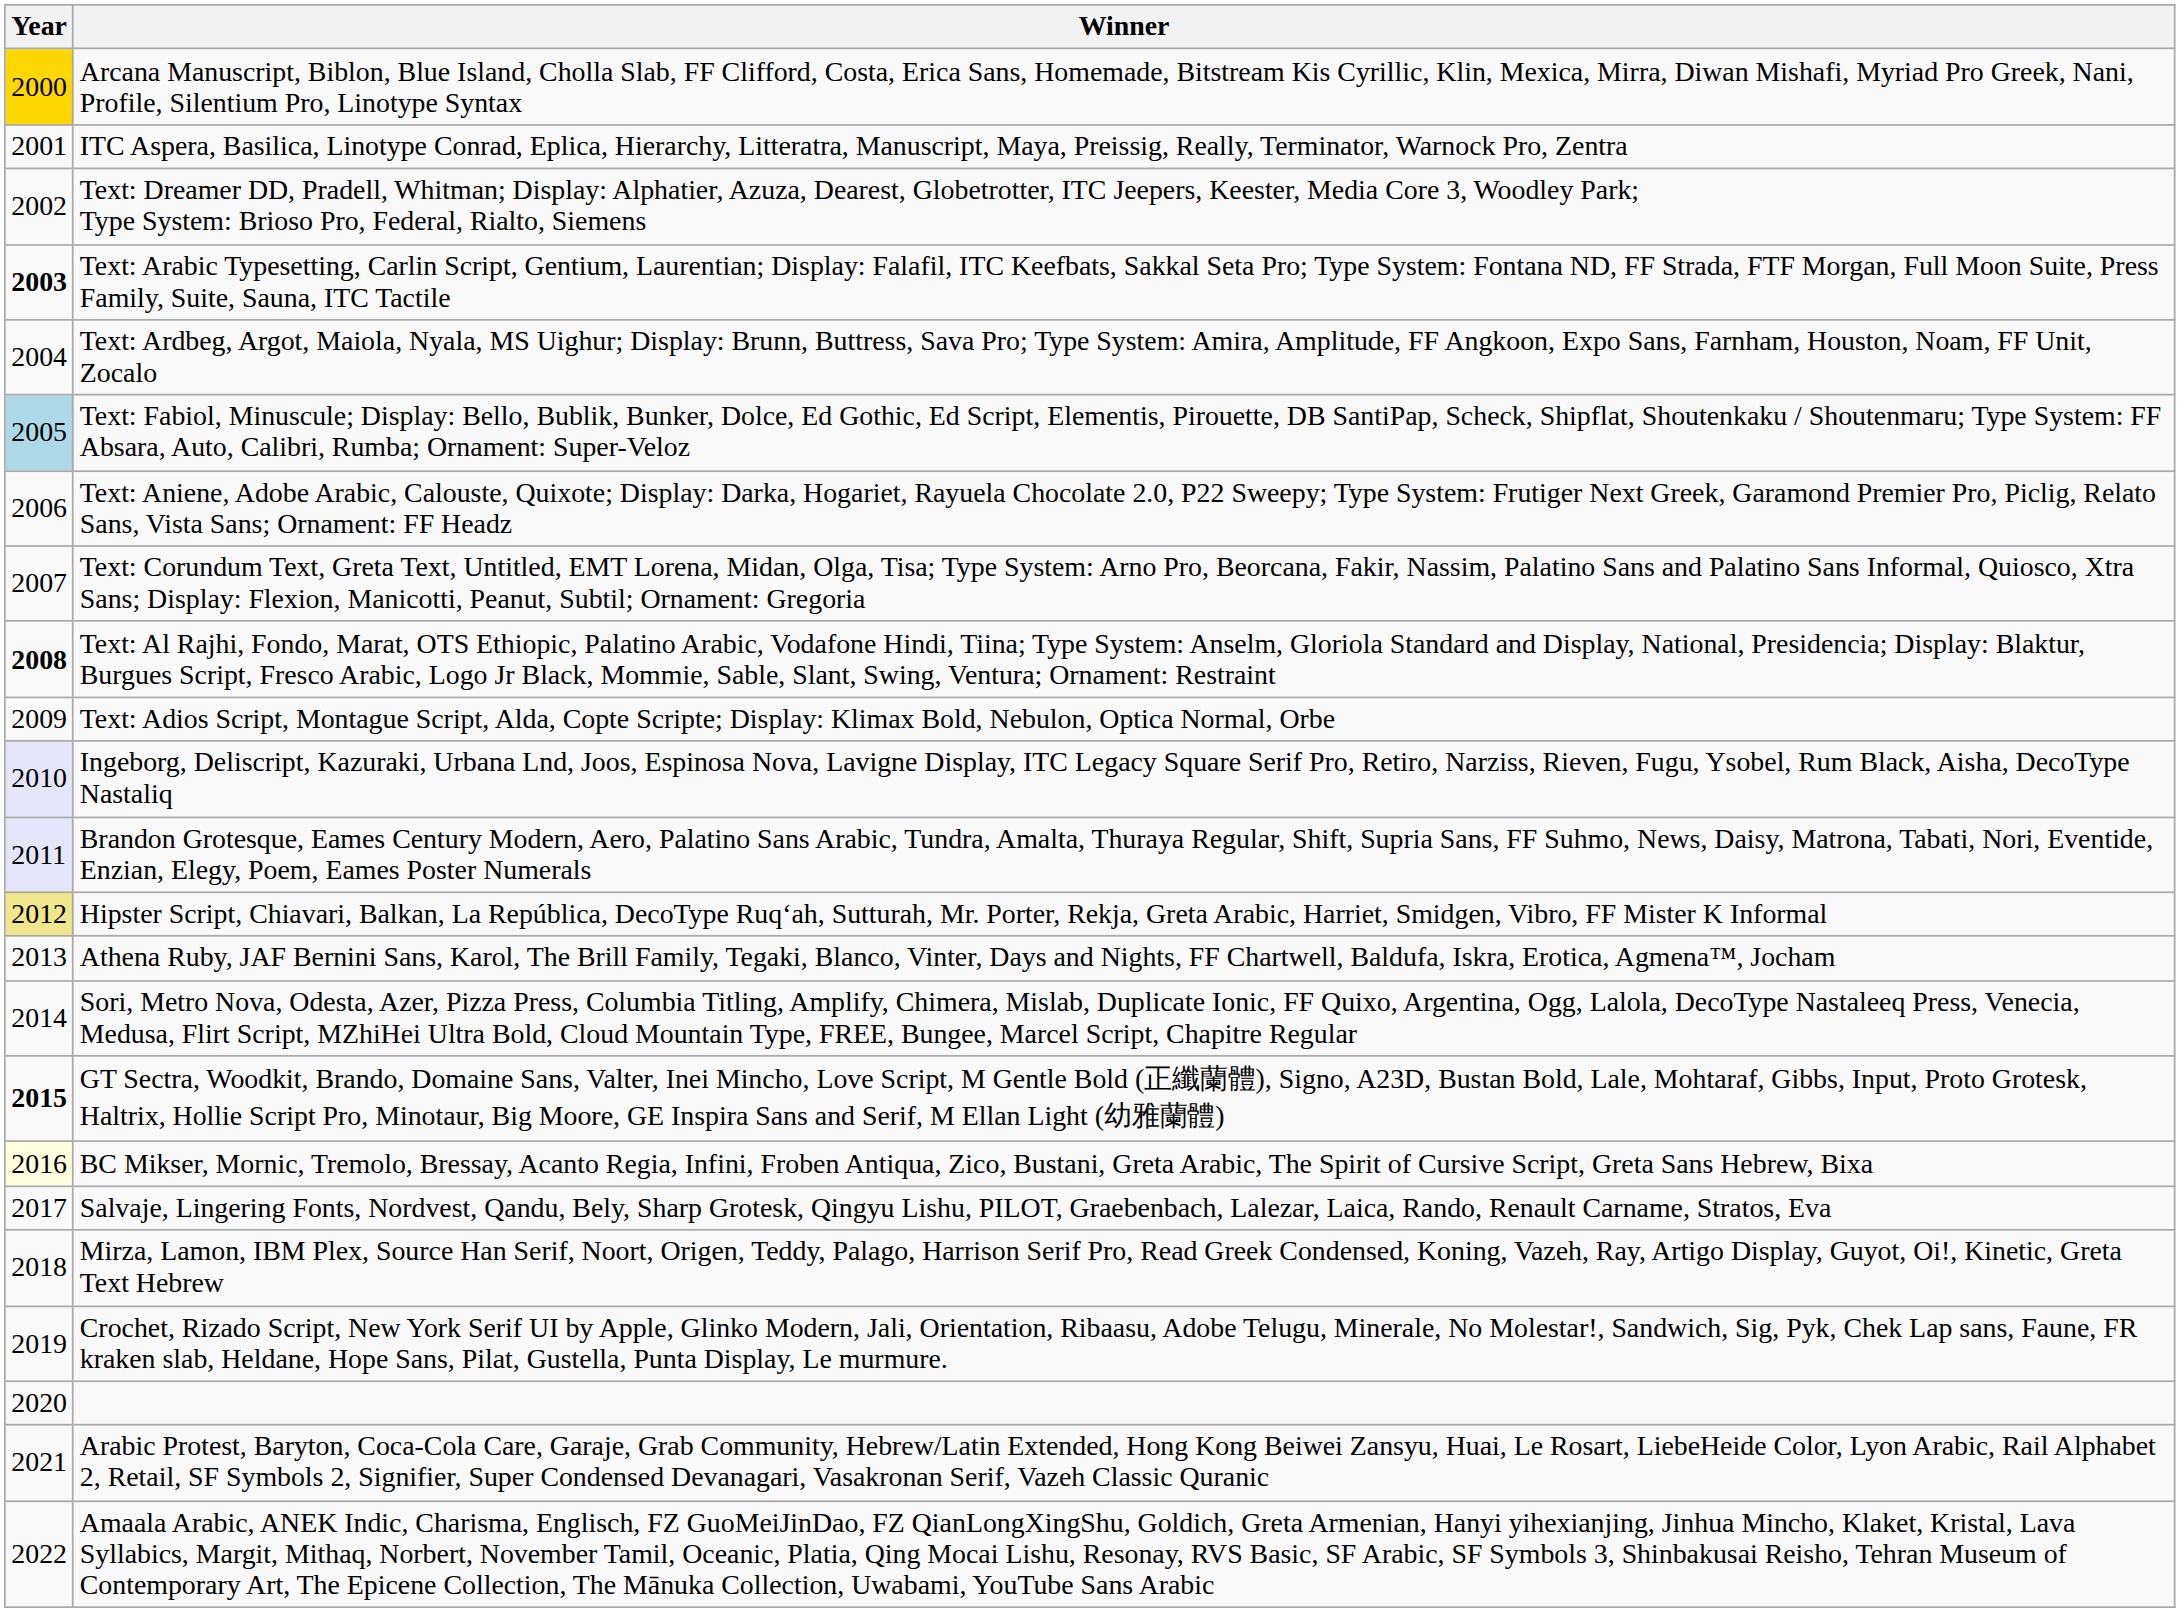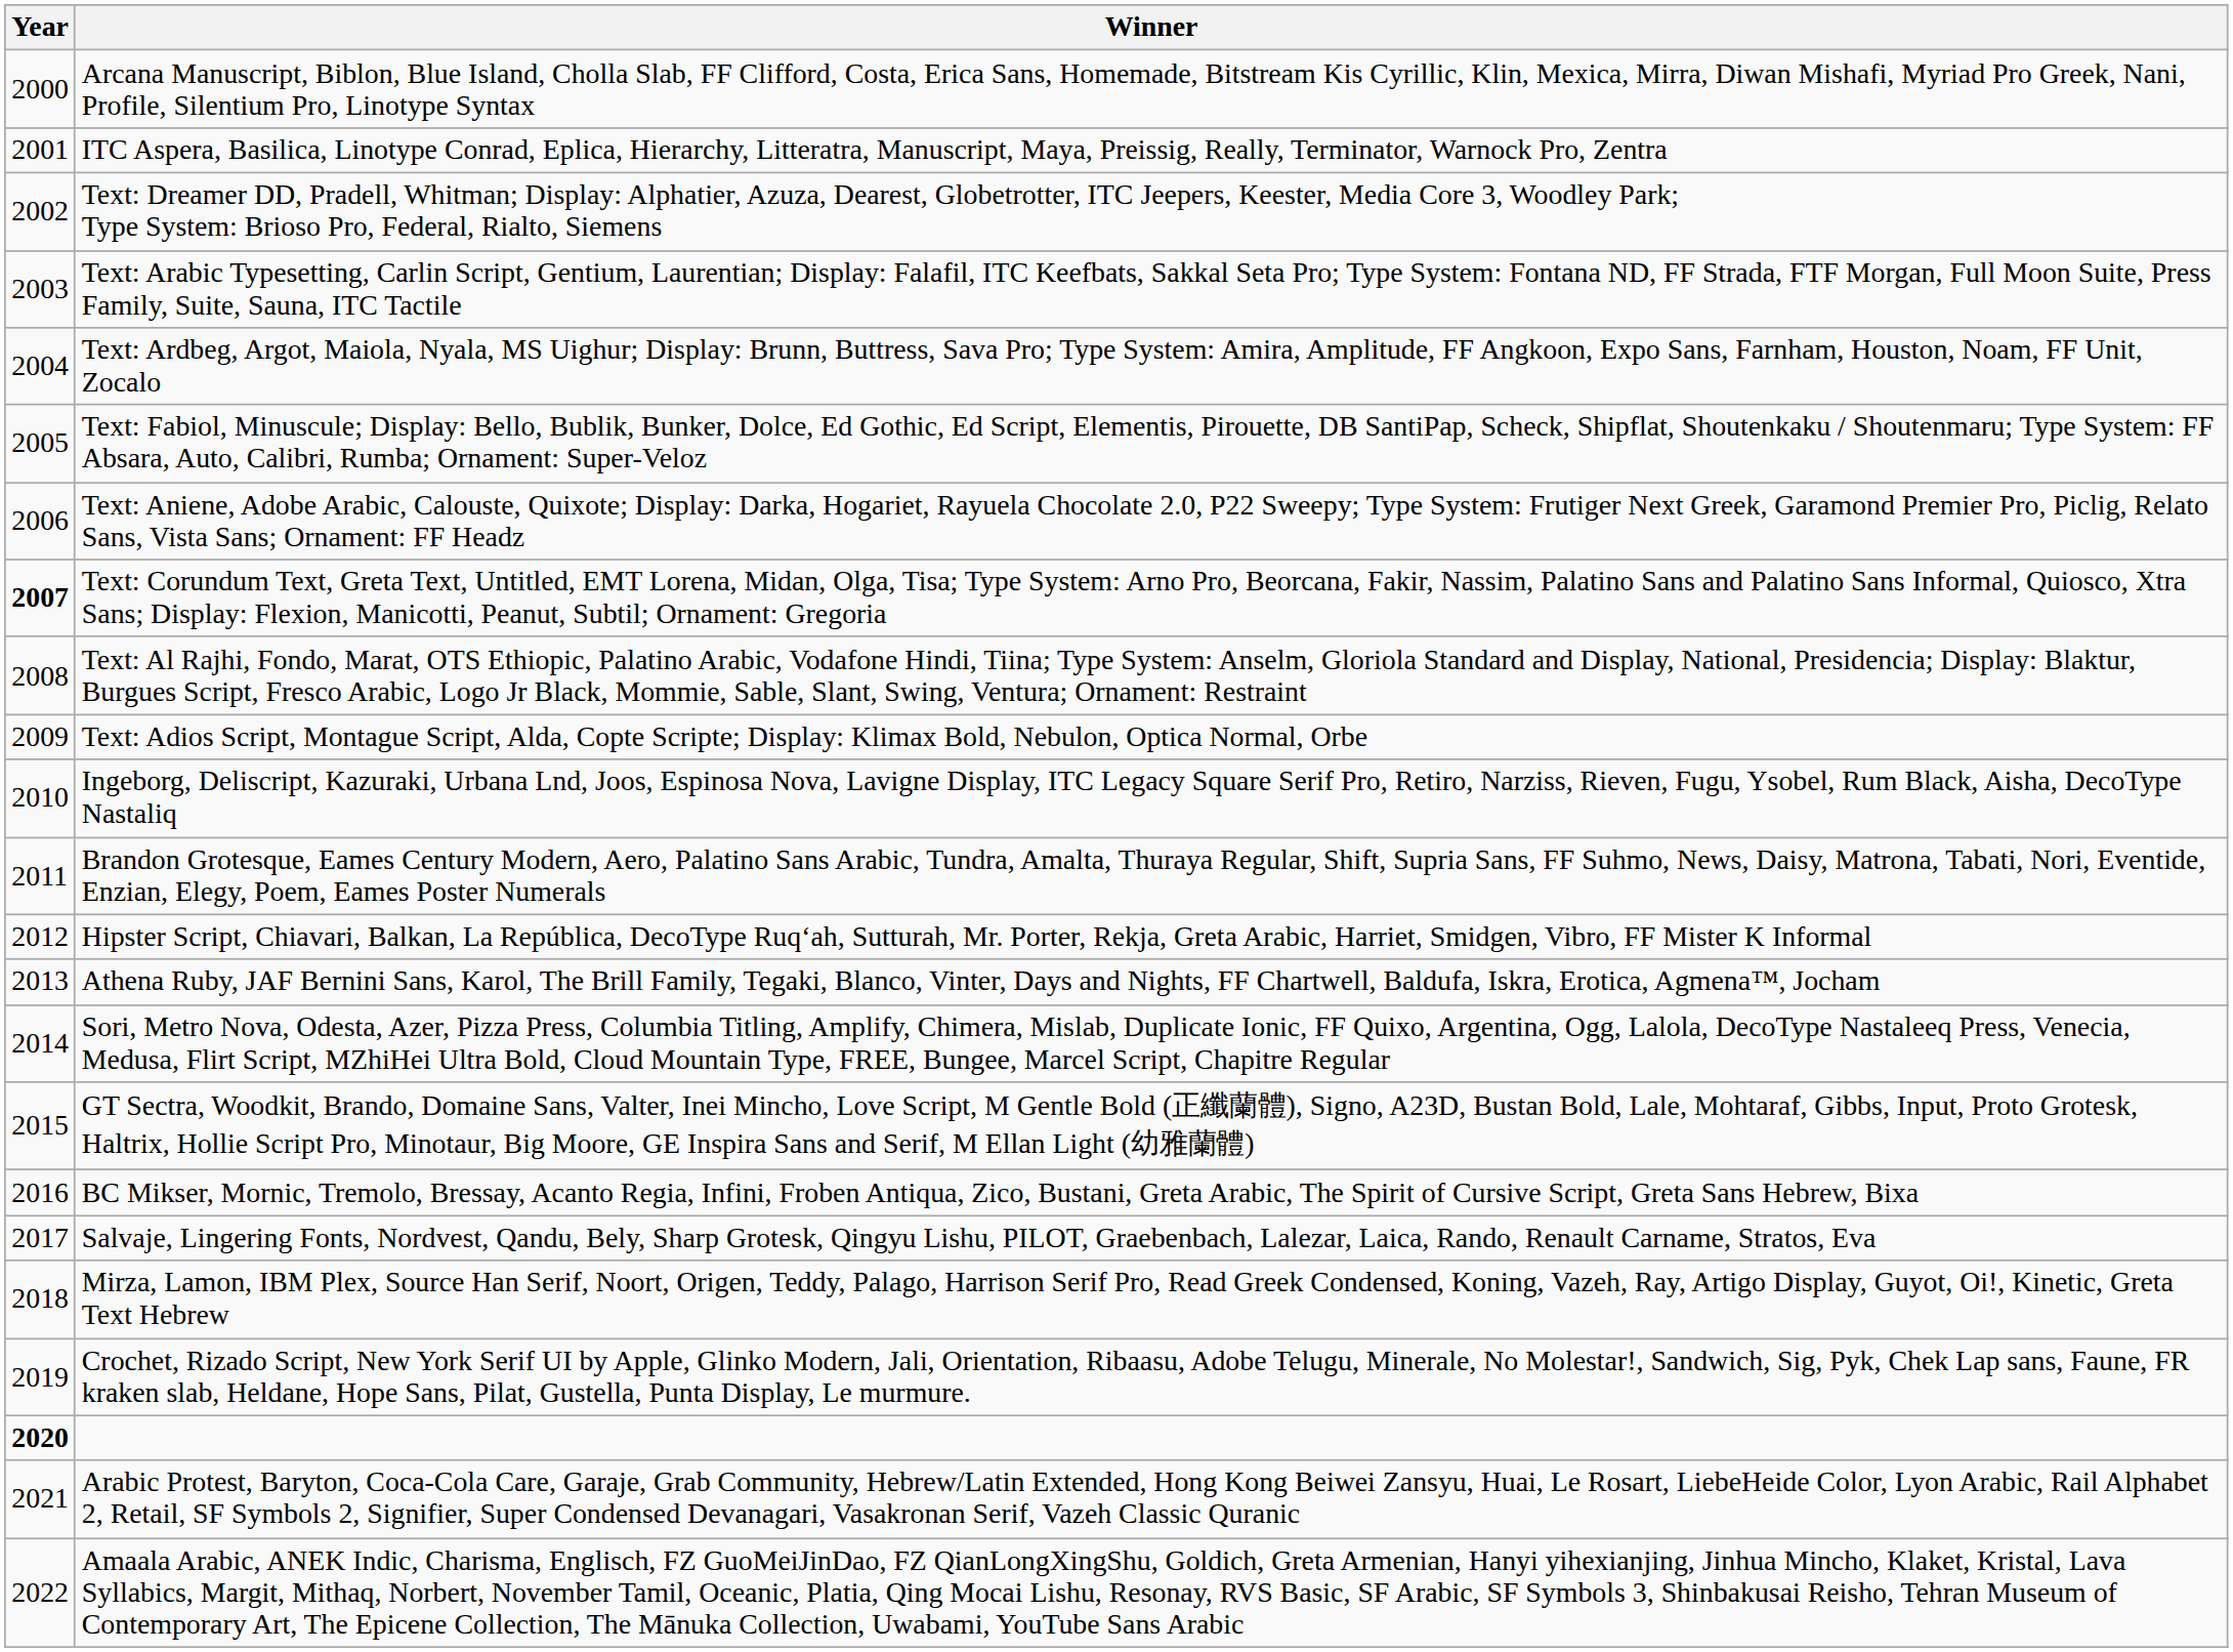 <table class="wikitable sortable" border="1">
 <tr>
 <th scope="col">Year</th>
 <th scope="col">Winner</th>
 </tr>
 <tr>
-<td style="background: gold;">2000</td>
+<td>2000</td>
 <td>Arcana Manuscript, Biblon, Blue Island, Cholla Slab, FF Clifford, Costa, Erica Sans, Homemade, Bitstream Kis Cyrillic, Klin, Mexica, Mirra, Diwan Mishafi, Myriad Pro Greek, Nani, Profile, Silentium Pro, Linotype Syntax</td>
 </tr>
 <tr>
 <td>2001</td>
 <td>ITC Aspera, Basilica, Linotype Conrad, Eplica, Hierarchy, Litteratra, Manuscript, Maya, Preissig, Really, Terminator, Warnock Pro, Zentra</td>
 </tr>
 <tr>
 <td>2002</td>
 <td>Text: Dreamer DD, Pradell, Whitman; Display: Alphatier, Azuza, Dearest, Globetrotter, ITC Jeepers, Keester, Media Core 3, Woodley Park;<br>Type System: Brioso Pro, Federal, Rialto, Siemens</td>
 </tr>
 <tr>
-<td><strong>2003</strong></td>
+<td>2003</td>
 <td>Text: Arabic Typesetting, Carlin Script, Gentium, Laurentian; Display: Falafil, ITC Keefbats, Sakkal Seta Pro; Type System: Fontana ND, FF Strada, FTF Morgan, Full Moon Suite, Press Family, Suite, Sauna, ITC Tactile</td>
 </tr>
 <tr>
 <td>2004</td>
 <td>Text: Ardbeg, Argot, Maiola, Nyala, MS Uighur; Display: Brunn, Buttress, Sava Pro; Type System: Amira, Amplitude, FF Angkoon, Expo Sans, Farnham, Houston, Noam, FF Unit, Zocalo</td>
 </tr>
 <tr>
-<td style="background: lightblue;">2005</td>
+<td>2005</td>
 <td>Text: Fabiol, Minuscule; Display: Bello, Bublik, Bunker, Dolce, Ed Gothic, Ed Script, Elementis, Pirouette, DB SantiPap, Scheck, Shipflat, Shoutenkaku / Shoutenmaru; Type System: FF Absara, Auto, Calibri, Rumba; Ornament: Super-Veloz</td>
 </tr>
 <tr>
 <td>2006</td>
 <td>Text: Aniene, Adobe Arabic, Calouste, Quixote; Display: Darka, Hogariet, Rayuela Chocolate 2.0, P22 Sweepy; Type System: Frutiger Next Greek, Garamond Premier Pro, Piclig, Relato Sans, Vista Sans; Ornament: FF Headz</td>
 </tr>
 <tr>
-<td>2007</td>
+<td><strong>2007</strong></td>
 <td>Text: Corundum Text, Greta Text, Untitled, EMT Lorena, Midan, Olga, Tisa; Type System: Arno Pro, Beorcana, Fakir, Nassim, Palatino Sans and Palatino Sans Informal, Quiosco, Xtra Sans; Display: Flexion, Manicotti, Peanut, Subtil; Ornament: Gregoria</td>
 </tr>
 <tr>
-<td><strong>2008</strong></td>
+<td>2008</td>
 <td>Text: Al Rajhi, Fondo, Marat, OTS Ethiopic, Palatino Arabic, Vodafone Hindi, Tiina; Type System: Anselm, Gloriola Standard and Display, National, Presidencia; Display: Blaktur, Burgues Script, Fresco Arabic, Logo Jr Black, Mommie, Sable, Slant, Swing, Ventura; Ornament: Restraint</td>
 </tr>
 <tr>
 <td>2009</td>
 <td>Text: Adios Script, Montague Script, Alda, Copte Scripte; Display: Klimax Bold, Nebulon, Optica Normal, Orbe</td>
 </tr>
 <tr>
-<td style="background: lavender;">2010</td>
+<td>2010</td>
 <td>Ingeborg, Deliscript, Kazuraki, Urbana Lnd, Joos, Espinosa Nova, Lavigne Display, ITC Legacy Square Serif Pro, Retiro, Narziss, Rieven, Fugu, Ysobel, Rum Black, Aisha, DecoType Nastaliq</td>
 </tr>
 <tr>
-<td style="background: lavender;">2011</td>
+<td>2011</td>
 <td>Brandon Grotesque, Eames Century Modern, Aero, Palatino Sans Arabic, Tundra, Amalta, Thuraya Regular, Shift, Supria Sans, FF Suhmo, News, Daisy, Matrona, Tabati, Nori, Eventide, Enzian, Elegy, Poem, Eames Poster Numerals</td>
 </tr>
 <tr>
-<td style="background: khaki;">2012</td>
+<td>2012</td>
 <td>Hipster Script, Chiavari, Balkan, La República, DecoType Ruq‘ah, Sutturah, Mr. Porter, Rekja, Greta Arabic, Harriet, Smidgen, Vibro, FF Mister K Informal</td>
 </tr>
 <tr>
 <td>2013</td>
 <td>Athena Ruby, JAF Bernini Sans, Karol, The Brill Family, Tegaki, Blanco, Vinter, Days and Nights, FF Chartwell, Baldufa, Iskra, Erotica, Agmena™, Jocham</td>
 </tr>
 <tr>
 <td>2014</td>
 <td>Sori, Metro Nova, Odesta, Azer, Pizza Press, Columbia Titling, Amplify, Chimera, Mislab, Duplicate Ionic, FF Quixo, Argentina, Ogg, Lalola, DecoType Nastaleeq Press, Venecia, Medusa, Flirt Script, MZhiHei Ultra Bold, Cloud Mountain Type, FREE, Bungee, Marcel Script, Chapitre Regular</td>
 </tr>
 <tr>
-<td><strong>2015</strong></td>
+<td>2015</td>
 <td>GT Sectra, Woodkit, Brando, Domaine Sans, Valter, Inei Mincho, Love Script, M Gentle Bold (正纖蘭體), Signo, A23D, Bustan Bold, Lale, Mohtaraf, Gibbs, Input, Proto Grotesk, Haltrix, Hollie Script Pro, Minotaur, Big Moore, GE Inspira Sans and Serif, M Ellan Light (幼雅蘭體)</td>
 </tr>
 <tr>
-<td style="background: lightyellow;">2016</td>
+<td>2016</td>
 <td>BC Mikser, Mornic, Tremolo, Bressay, Acanto Regia, Infini, Froben Antiqua, Zico, Bustani, Greta Arabic, The Spirit of Cursive Script, Greta Sans Hebrew, Bixa</td>
 </tr>
 <tr>
 <td>2017</td>
 <td>Salvaje, Lingering Fonts, Nordvest, Qandu, Bely, Sharp Grotesk, Qingyu Lishu, PILOT, Graebenbach, Lalezar, Laica, Rando, Renault Carname, Stratos, Eva</td>
 </tr>
 <tr>
 <td>2018</td>
 <td>Mirza, Lamon, IBM Plex, Source Han Serif, Noort, Origen, Teddy, Palago, Harrison Serif Pro, Read Greek Condensed, Koning, Vazeh, Ray, Artigo Display, Guyot, Oi!, Kinetic, Greta Text Hebrew</td>
 </tr>
 <tr>
 <td>2019</td>
 <td>Crochet, Rizado Script, New York Serif UI by Apple, Glinko Modern, Jali, Orientation, Ribaasu, Adobe Telugu, Minerale, No Molestar!, Sandwich, Sig, Pyk, Chek Lap sans, Faune, FR kraken slab, Heldane, Hope Sans, Pilat, Gustella, Punta Display, Le murmure.</td>
 </tr>
 <tr>
-<td>2020</td>
+<td><strong>2020</strong></td>
 <td></td>
 </tr>
 <tr>
 <td>2021</td>
 <td>Arabic Protest, Baryton, Coca-Cola Care, Garaje, Grab Community, Hebrew/Latin Extended, Hong Kong Beiwei Zansyu, Huai, Le Rosart, LiebeHeide Color, Lyon Arabic, Rail Alphabet 2, Retail, SF Symbols 2, Signifier, Super Condensed Devanagari, Vasakronan Serif, Vazeh Classic Quranic</td>
 </tr>
 <tr>
 <td>2022</td>
 <td>Amaala Arabic, ANEK Indic, Charisma, Englisch, FZ GuoMeiJinDao, FZ QianLongXingShu, Goldich, Greta Armenian, Hanyi yihexianjing, Jinhua Mincho, Klaket, Kristal, Lava Syllabics, Margit, Mithaq, Norbert, November Tamil, Oceanic, Platia, Qing Mocai Lishu, Resonay, RVS Basic, SF Arabic, SF Symbols 3, Shinbakusai Reisho, Tehran Museum of Contemporary Art, The Epicene Collection, The Mānuka Collection, Uwabami, YouTube Sans Arabic</td>
 </tr>
 <tr>
 </tr>
 </table>
